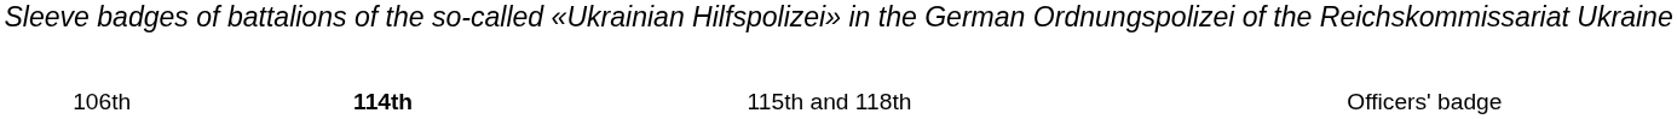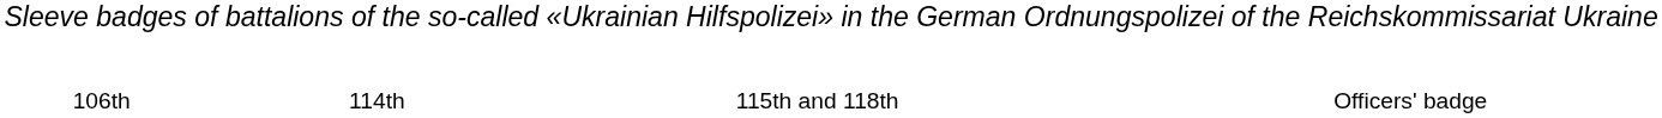 <table class="toccolours" border="0" cellpadding="2" cellspacing="2" style="margin:1em auto;">
 <tr>
 <td colspan="8" style="text-align:center;"><em>Sleeve badges of battalions of the so-called «Ukrainian Hilfspolizei» in the German Ordnungspolizei of the Reichskommissariat Ukraine</em></td>
 </tr>
 <tr>
 <td></td>
 <td>  </td>
 <td></td>
 <td>  </td>
 <td></td>
 <td>  </td>
 <td></td>
 </tr>
 <tr>
 <td style="text-align:center;"><small>106th</small></td>
 <td></td>
-<td style="text-align:center;"><strong><small>114th</small></strong></td>
+<td style="text-align:center;"><small>114th</small></td>
 <td></td>
 <td style="text-align:center;"><small>115th and 118th</small></td>
 <td></td>
 <td style="text-align:center;"><small>Officers' badge</small></td>
 </tr>
 </table>
